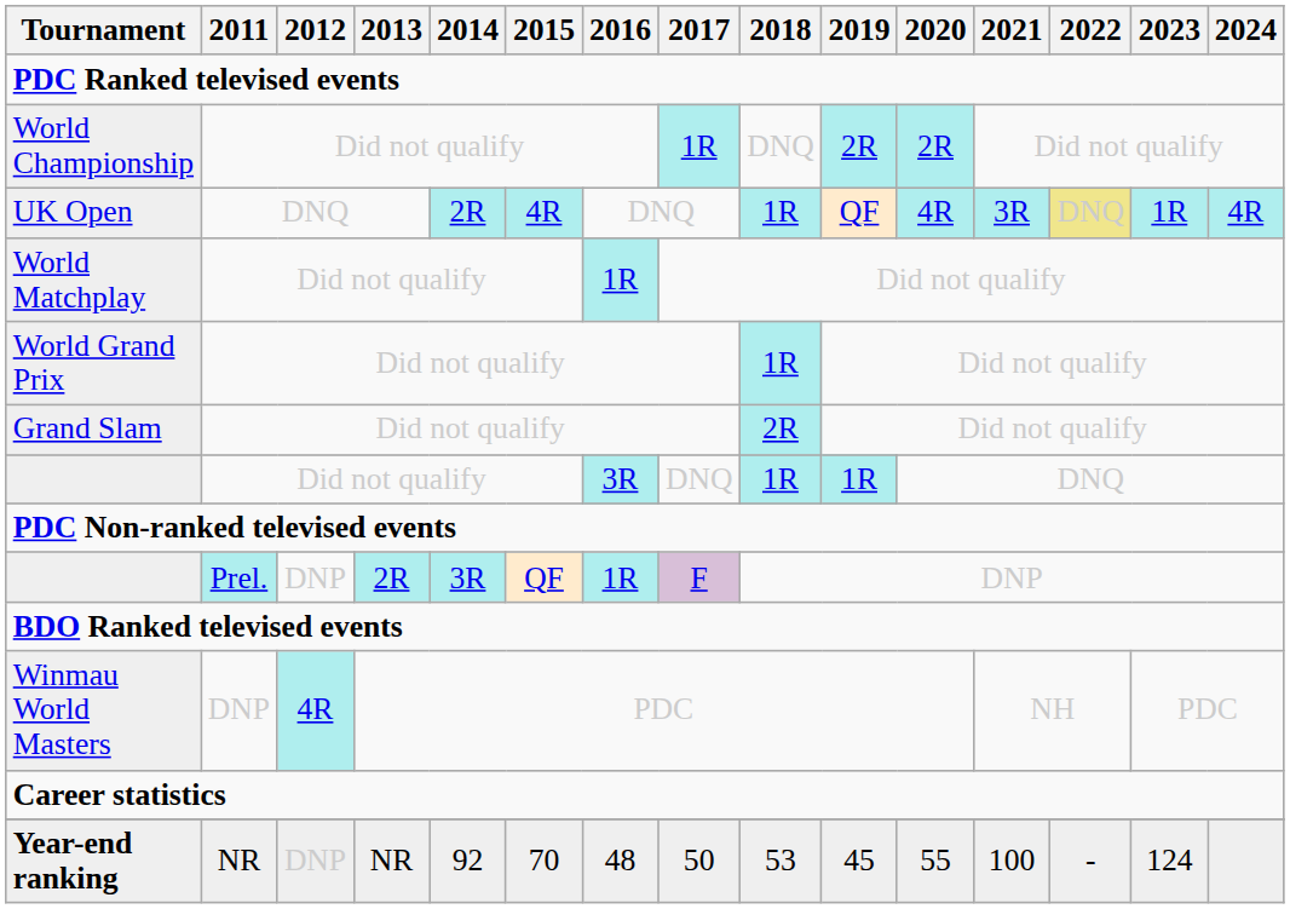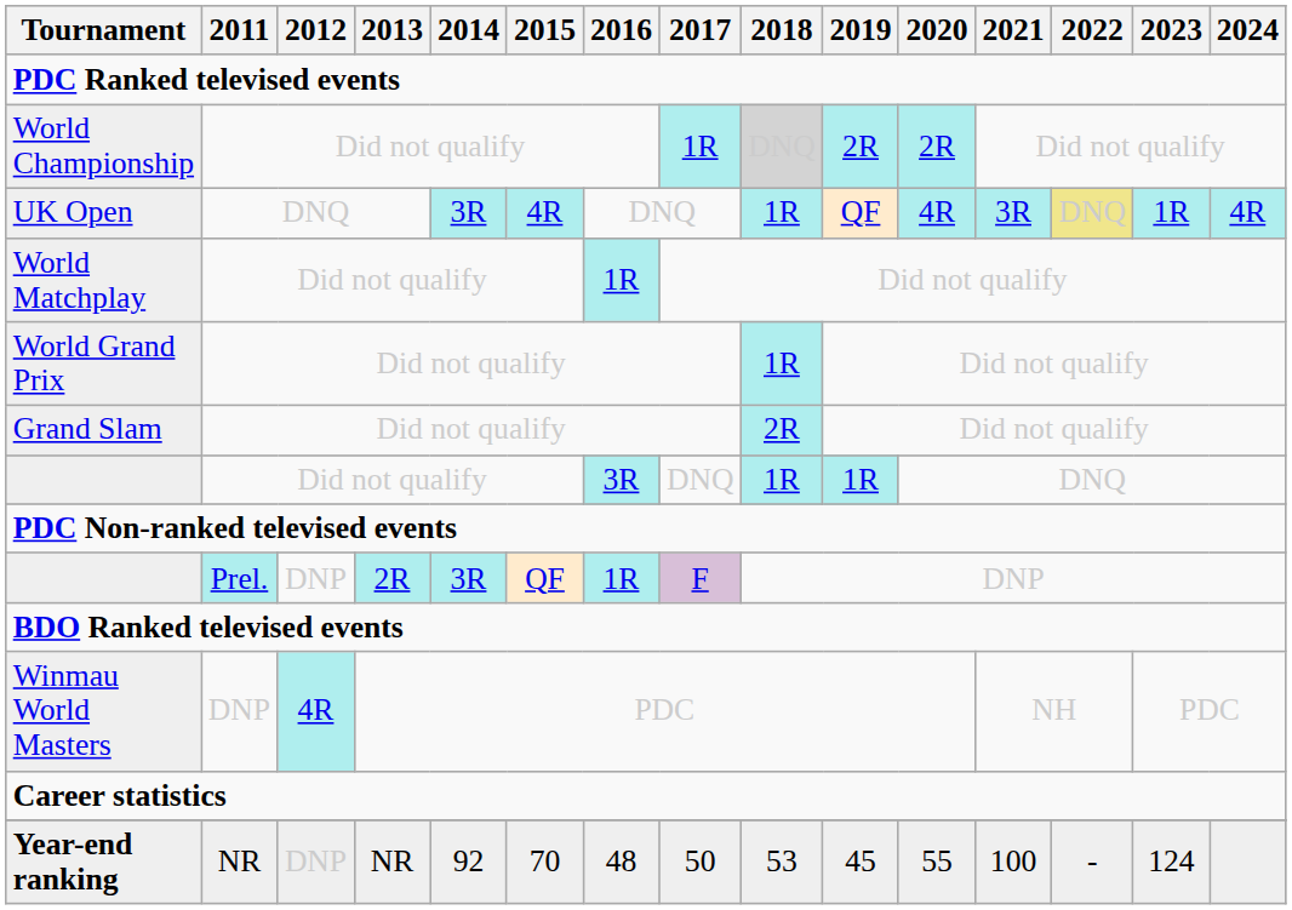 <table class="wikitable" style="width:30%; margin:0">
 <tr>
 <th>Tournament</th>
 <th>2011</th>
 <th>2012</th>
 <th>2013</th>
 <th>2014</th>
 <th>2015</th>
 <th>2016</th>
 <th>2017</th>
 <th>2018</th>
 <th>2019</th>
 <th>2020</th>
 <th>2021</th>
 <th>2022</th>
 <th>2023</th>
 <th>2024</th>
 </tr>
 <tr>
 <td colspan="31" align="left"><strong><a href='#'>PDC</a> Ranked televised events</strong></td>
 </tr>
 <tr>
 <td style="background:#efefef;"><a href='#'>World Championship</a></td>
 <td colspan="6" style="text-align:center; color:#ccc;">Did not qualify</td>
 <td style="text-align:center; background:#afeeee;"><a href='#'>1R</a></td>
-<td style="text-align:center; color:#ccc;">DNQ</td>
+<td style="background: lightgrey; text-align:center; color:#ccc;">DNQ</td>
 <td style="text-align:center; background:#afeeee;"><a href='#'>2R</a></td>
 <td style="text-align:center; background:#afeeee;"><a href='#'>2R</a></td>
 <td colspan="4" style="text-align:center; color:#ccc;">Did not qualify</td>
 </tr>
 <tr>
 <td style="background:#efefef;"><a href='#'>UK Open</a></td>
 <td colspan="3" style="text-align:center; color:#ccc;">DNQ</td>
-<td style="text-align:center; background:#afeeee;"><a href='#'>2R</a></td>
+<td style="text-align:center; background:#afeeee;"><a href='#'>3R</a></td>
 <td style="text-align:center; background:#afeeee;"><a href='#'>4R</a></td>
 <td colspan="2" style="text-align:center; color:#ccc;">DNQ</td>
 <td style="text-align:center; background:#afeeee;"><a href='#'>1R</a></td>
 <td style="text-align:center; background:#ffebcd;"><a href='#'>QF</a></td>
 <td style="text-align:center; background:#afeeee;"><a href='#'>4R</a></td>
 <td style="text-align:center; background:#afeeee;"><a href='#'>3R</a></td>
 <td style="background: khaki; text-align:center; color:#ccc;">DNQ</td>
 <td style="text-align:center; background:#afeeee;"><a href='#'>1R</a></td>
 <td style="text-align:center; background:#afeeee;"><a href='#'>4R</a></td>
 </tr>
 <tr>
 <td style="background:#efefef;"><a href='#'>World Matchplay</a></td>
 <td colspan="5" style="text-align:center; color:#ccc;">Did not qualify</td>
 <td style="text-align:center; background:#afeeee;"><a href='#'>1R</a></td>
 <td colspan="8" style="text-align:center; color:#ccc;">Did not qualify</td>
 </tr>
 <tr>
 <td style="background:#efefef;"><a href='#'>World Grand Prix</a></td>
 <td colspan="7" style="text-align:center; color:#ccc;">Did not qualify</td>
 <td style="text-align:center; background:#afeeee;"><a href='#'>1R</a></td>
 <td colspan="6" style="text-align:center; color:#ccc;">Did not qualify</td>
 </tr>
 <tr>
 <td style="background:#efefef;"><a href='#'>Grand Slam</a></td>
 <td colspan="7" style="text-align:center; color:#ccc;">Did not qualify</td>
 <td style="text-align:center; background:#afeeee;"><a href='#'>2R</a></td>
 <td colspan="6" style="text-align:center; color:#ccc;">Did not qualify</td>
 </tr>
 <tr>
 <td style="background:#efefef;"></td>
 <td colspan="5" style="text-align:center; color:#ccc;">Did not qualify</td>
 <td style="text-align:center; background:#afeeee;"><a href='#'>3R</a></td>
 <td style="text-align:center; color:#ccc;">DNQ</td>
 <td style="text-align:center; background:#afeeee;"><a href='#'>1R</a></td>
 <td style="text-align:center; background:#afeeee;"><a href='#'>1R</a></td>
 <td colspan="5" style="text-align:center; color:#ccc;">DNQ</td>
 </tr>
 <tr>
 <td colspan="15" align="left"><strong><a href='#'>PDC</a> Non-ranked televised events</strong></td>
 </tr>
 <tr>
 <td style="background:#efefef;"></td>
 <td style="text-align:center; background:#afeeee;"><a href='#'>Prel.</a></td>
 <td style="text-align:center; color:#ccc;">DNP</td>
 <td style="text-align:center; background:#afeeee;"><a href='#'>2R</a></td>
 <td style="text-align:center; background:#afeeee;"><a href='#'>3R</a></td>
 <td style="text-align:center; background:#ffebcd;"><a href='#'>QF</a></td>
 <td style="text-align:center; background:#afeeee;"><a href='#'>1R</a></td>
 <td style="text-align:center; background:thistle;"><a href='#'>F</a></td>
 <td colspan="7" style="text-align:center; color:#ccc;">DNP</td>
 </tr>
 <tr>
 <td colspan="31" align="left"><strong><a href='#'>BDO</a> Ranked televised events</strong></td>
 </tr>
 <tr>
 <td style="background:#efefef;" align=left><a href='#'>Winmau World Masters</a></td>
 <td style="text-align:center; color:#ccc;">DNP</td>
 <td style="text-align:center; background:#afeeee;"><a href='#'>4R</a></td>
 <td colspan="8" style="text-align:center; color:#ccc;">PDC</td>
 <td colspan="2" style="text-align:center; color:#ccc;">NH</td>
 <td colspan="2" style="text-align:center; color:#ccc;">PDC</td>
 </tr>
 <tr>
 <td colspan="15" align="left"><strong>Career statistics</strong></td>
 </tr>
 <tr>
 </tr>
 <tr bgcolor="efefef">
 <td align="left"><strong>Year-end ranking</strong></td>
 <td style="text-align:center;">NR</td>
 <td style="text-align:center; color:#ccc;">DNP</td>
 <td style="text-align:center;">NR</td>
 <td style="text-align:center;">92</td>
 <td style="text-align:center;">70</td>
 <td style="text-align:center;">48</td>
 <td style="text-align:center;">50</td>
 <td style="text-align:center;">53</td>
 <td style="text-align:center;">45</td>
 <td style="text-align:center;">55</td>
 <td style="text-align:center;">100</td>
 <td style="text-align:center;">-</td>
 <td style="text-align:center;">124</td>
 <td></td>
 </tr>
 </table>
